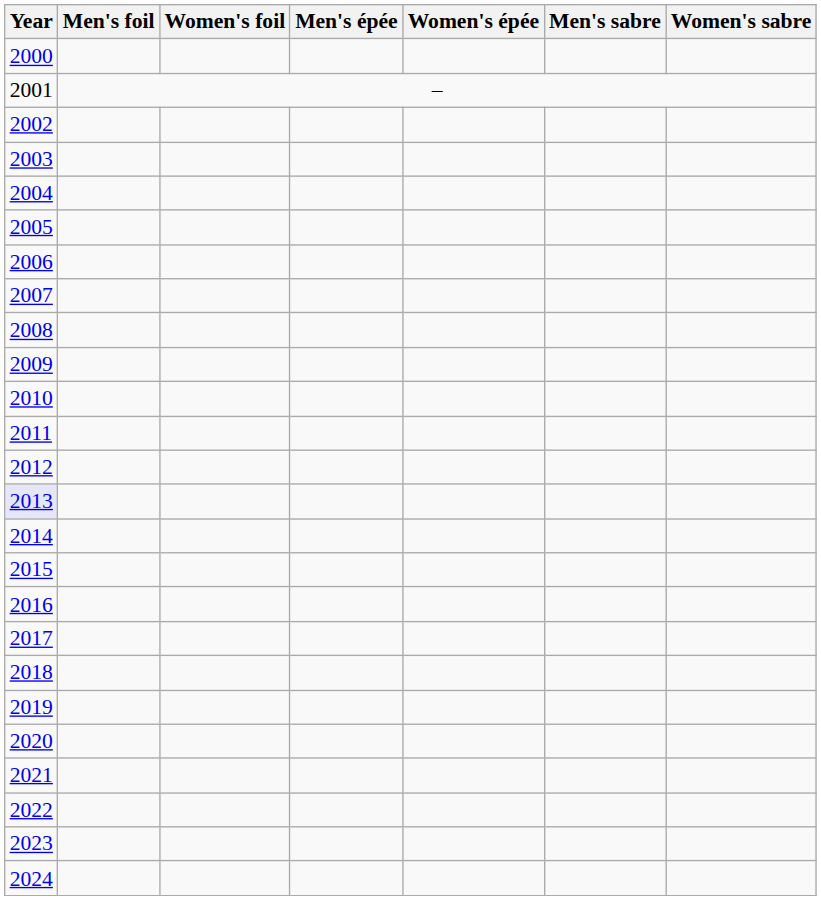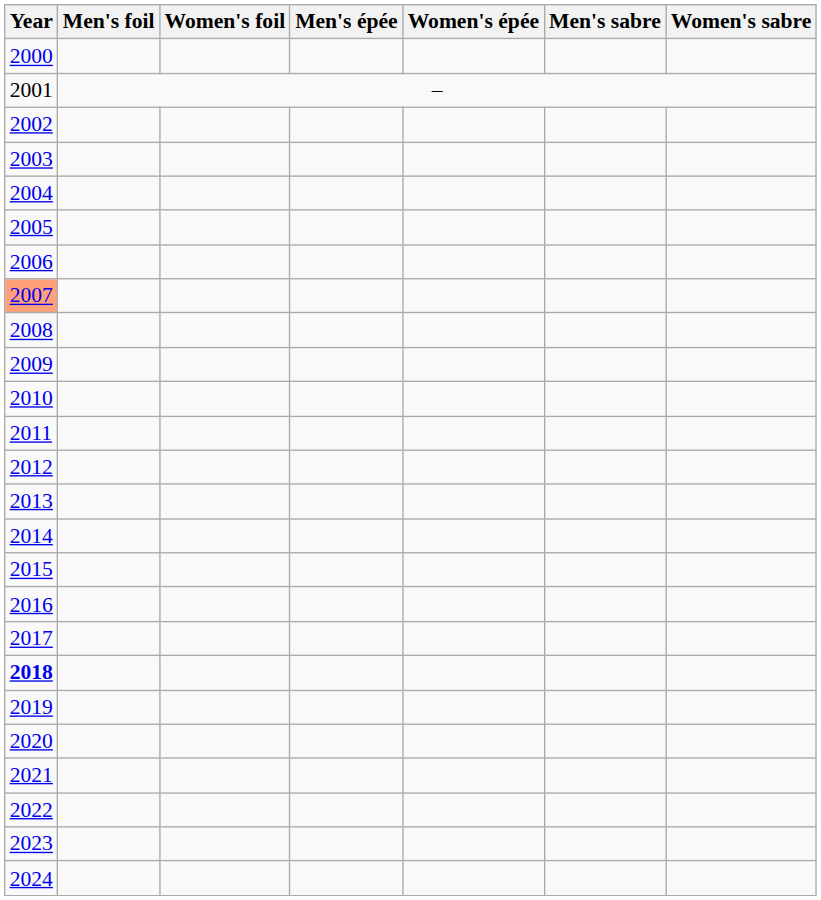 <table class = "wikitable sortable">
 <tr>
 <th>Year</th>
 <th>Men's foil</th>
 <th>Women's foil</th>
 <th>Men's épée</th>
 <th>Women's épée</th>
 <th>Men's sabre</th>
 <th>Women's sabre</th>
 </tr>
 <tr>
 <td><a href='#'>2000</a></td>
 <td></td>
 <td></td>
 <td></td>
 <td></td>
 <td></td>
 <td></td>
 </tr>
 <tr>
 <td>2001</td>
 <td align = "center" colspan = "6">–</td>
 </tr>
 <tr>
 <td><a href='#'>2002</a></td>
 <td></td>
 <td></td>
 <td></td>
 <td></td>
 <td></td>
 <td></td>
 </tr>
 <tr>
 <td><a href='#'>2003</a></td>
 <td></td>
 <td></td>
 <td></td>
 <td></td>
 <td></td>
 <td></td>
 </tr>
 <tr>
 <td><a href='#'>2004</a></td>
 <td></td>
 <td></td>
 <td></td>
 <td></td>
 <td></td>
 <td></td>
 </tr>
 <tr>
 <td><a href='#'>2005</a></td>
 <td></td>
 <td></td>
 <td></td>
 <td></td>
 <td></td>
 <td></td>
 </tr>
 <tr>
 <td><a href='#'>2006</a></td>
 <td></td>
 <td></td>
 <td></td>
 <td></td>
 <td></td>
 <td></td>
 </tr>
 <tr>
-<td><a href='#'>2007</a></td>
+<td style="background: lightsalmon;"><a href='#'>2007</a></td>
 <td></td>
 <td></td>
 <td></td>
 <td></td>
 <td></td>
 <td></td>
 </tr>
 <tr>
 <td><a href='#'>2008</a></td>
 <td></td>
 <td></td>
 <td></td>
 <td></td>
 <td></td>
 <td></td>
 </tr>
 <tr>
 <td><a href='#'>2009</a></td>
 <td></td>
 <td></td>
 <td></td>
 <td></td>
 <td></td>
 <td></td>
 </tr>
 <tr>
 <td><a href='#'>2010</a></td>
 <td></td>
 <td></td>
 <td></td>
 <td></td>
 <td></td>
 <td></td>
 </tr>
 <tr>
 <td><a href='#'>2011</a></td>
 <td></td>
 <td></td>
 <td></td>
 <td></td>
 <td></td>
 <td></td>
 </tr>
 <tr>
 <td><a href='#'>2012</a></td>
 <td></td>
 <td></td>
 <td></td>
 <td></td>
 <td></td>
 <td></td>
 </tr>
 <tr>
-<td style="background: lavender;"><a href='#'>2013</a></td>
+<td><a href='#'>2013</a></td>
 <td></td>
 <td></td>
 <td></td>
 <td></td>
 <td></td>
 <td></td>
 </tr>
 <tr>
 <td><a href='#'>2014</a></td>
 <td></td>
 <td></td>
 <td></td>
 <td></td>
 <td></td>
 <td></td>
 </tr>
 <tr>
 <td><a href='#'>2015</a></td>
 <td></td>
 <td></td>
 <td></td>
 <td></td>
 <td></td>
 <td></td>
 </tr>
 <tr>
 <td><a href='#'>2016</a></td>
 <td></td>
 <td></td>
 <td></td>
 <td></td>
 <td></td>
 <td></td>
 </tr>
 <tr>
 <td><a href='#'>2017</a></td>
 <td></td>
 <td></td>
 <td></td>
 <td></td>
 <td></td>
 <td></td>
 </tr>
 <tr>
-<td><a href='#'>2018</a></td>
+<td><strong><a href='#'>2018</a></strong></td>
 <td></td>
 <td></td>
 <td></td>
 <td></td>
 <td></td>
 <td></td>
 </tr>
 <tr>
 <td><a href='#'>2019</a></td>
 <td></td>
 <td></td>
 <td></td>
 <td></td>
 <td></td>
 <td></td>
 </tr>
 <tr>
 <td><a href='#'>2020</a></td>
 <td></td>
 <td></td>
 <td></td>
 <td></td>
 <td></td>
 <td></td>
 </tr>
 <tr>
 <td><a href='#'>2021</a></td>
 <td></td>
 <td></td>
 <td></td>
 <td></td>
 <td></td>
 <td></td>
 </tr>
 <tr>
 <td><a href='#'>2022</a></td>
 <td></td>
 <td></td>
 <td></td>
 <td></td>
 <td></td>
 <td></td>
 </tr>
 <tr>
 <td><a href='#'>2023</a></td>
 <td></td>
 <td></td>
 <td></td>
 <td></td>
 <td></td>
 <td></td>
 </tr>
 <tr>
 <td><a href='#'>2024</a></td>
 <td></td>
 <td></td>
 <td></td>
 <td></td>
 <td></td>
 <td></td>
 </tr>
 </table>
